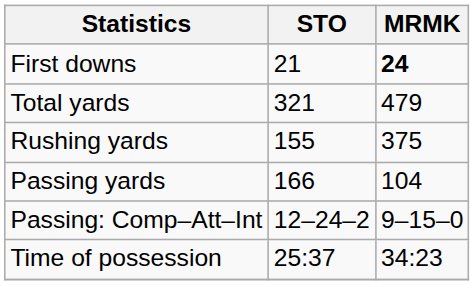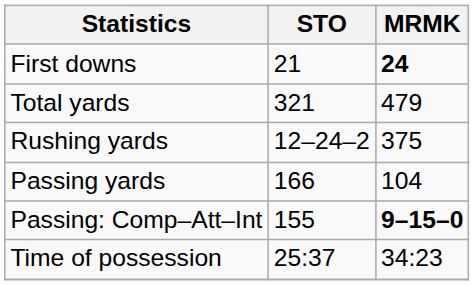 <table class="wikitable" style="float: left;">
 <tr>
 <th>Statistics</th>
 <th>STO</th>
 <th>MRMK</th>
 </tr>
 <tr>
 <td>First downs</td>
 <td>21</td>
 <td><strong>24</strong></td>
 </tr>
 <tr>
 <td>Total yards</td>
 <td>321</td>
 <td>479</td>
 </tr>
 <tr>
 <td>Rushing yards</td>
-<td>155</td>
+<td>12–24–2</td>
 <td>375</td>
 </tr>
 <tr>
 <td>Passing yards</td>
 <td>166</td>
 <td>104</td>
 </tr>
 <tr>
 <td>Passing: Comp–Att–Int</td>
-<td>12–24–2</td>
-<td>9–15–0</td>
+<td>155</td>
+<td><strong>9–15–0</strong></td>
 </tr>
 <tr>
 <td>Time of possession</td>
 <td>25:37</td>
 <td>34:23</td>
 </tr>
 <tr>
 </tr>
 </table>
